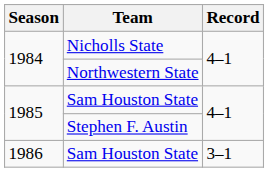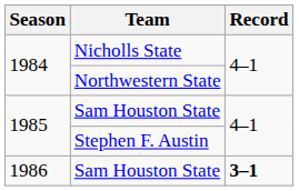 <table class="wikitable">
 <tr>
 <th>Season</th>
 <th>Team</th>
 <th>Record</th>
 </tr>
 <tr>
 <td rowspan="2">1984</td>
 <td><a href='#'>Nicholls State</a></td>
 <td rowspan="2">4–1</td>
 </tr>
 <tr>
 <td><a href='#'>Northwestern State</a></td>
 </tr>
 <tr>
 <td rowspan="2">1985</td>
 <td><a href='#'>Sam Houston State</a></td>
 <td rowspan="2">4–1</td>
 </tr>
 <tr>
 <td><a href='#'>Stephen F. Austin</a></td>
 </tr>
 <tr>
 <td>1986</td>
 <td><a href='#'>Sam Houston State</a></td>
-<td>3–1</td>
+<td><strong>3–1</strong></td>
 </tr>
 </table>
